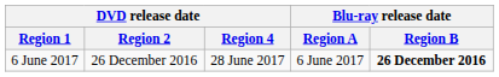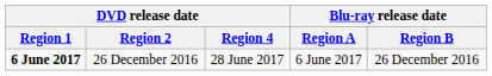 <table class="wikitable" style="text-align:center; width:90%">
 <tr>
 <th colspan="3"><a href='#'>DVD</a> release date</th>
 <th colspan="2"><a href='#'>Blu-ray</a> release date</th>
 </tr>
 <tr>
 <th><a href='#'>Region 1</a></th>
 <th><a href='#'>Region 2</a></th>
 <th><a href='#'>Region 4</a></th>
 <th><a href='#'>Region A</a></th>
 <th><a href='#'>Region B</a></th>
 </tr>
 <tr>
-<td>6 June 2017</td>
+<td><strong>6 June 2017</strong></td>
 <td>26 December 2016</td>
 <td>28 June 2017</td>
 <td>6 June 2017</td>
-<td><strong>26 December 2016</strong></td>
+<td>26 December 2016</td>
 </tr>
 </table>
